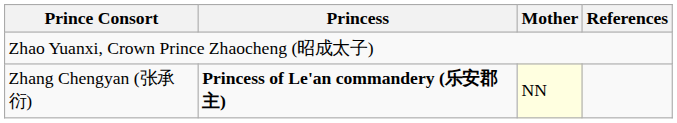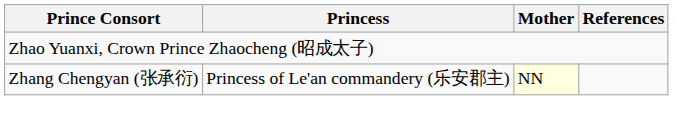 <table class="wikitable">
 <tr>
 <th>Prince Consort</th>
 <th>Princess</th>
 <th>Mother</th>
 <th>References</th>
 </tr>
 <tr>
 <td colspan="4">Zhao Yuanxi, Crown Prince Zhaocheng (昭成太子)</td>
 </tr>
 <tr>
 <td>Zhang Chengyan (张承衍)</td>
-<td><strong>Princess of Le'an commandery (乐安郡主)</strong></td>
+<td>Princess of Le'an commandery (乐安郡主)</td>
 <td style="background: lightyellow;">NN</td>
 <td></td>
 </tr>
 </table>
